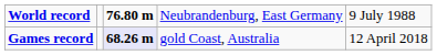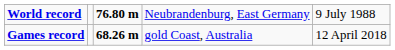 <table class="wikitable">
 <tr>
 <td><a href='#'><strong>World record</strong></a></td>
 <td></td>
 <td><strong>76.80 m</strong></td>
 <td><a href='#'>Neubrandenburg</a>, <a href='#'>East Germany</a></td>
 <td>9 July 1988</td>
 </tr>
 <tr>
 <td><a href='#'><strong>Games record</strong></a></td>
 <td></td>
-<td style="background: lavender;"><strong>68.26 m</strong></td>
+<td><strong>68.26 m</strong></td>
 <td><a href='#'>gold Coast</a>, <a href='#'>Australia</a></td>
 <td>12 April 2018</td>
 </tr>
 </table>
